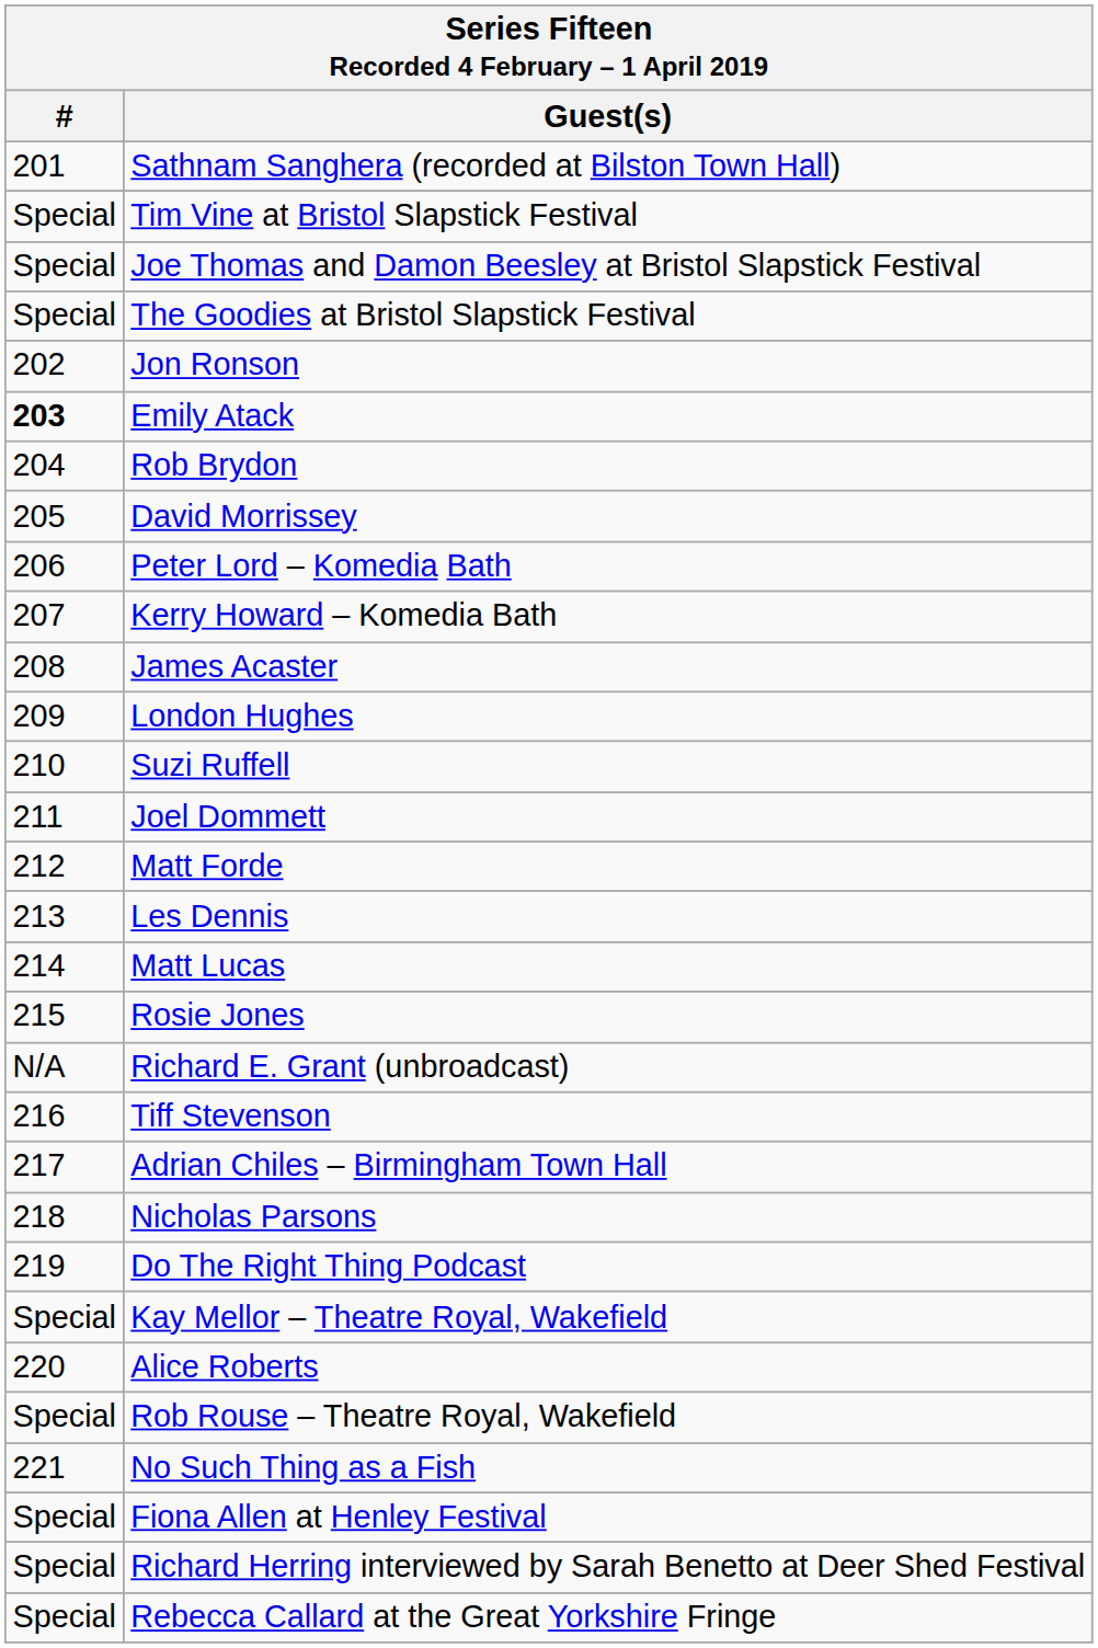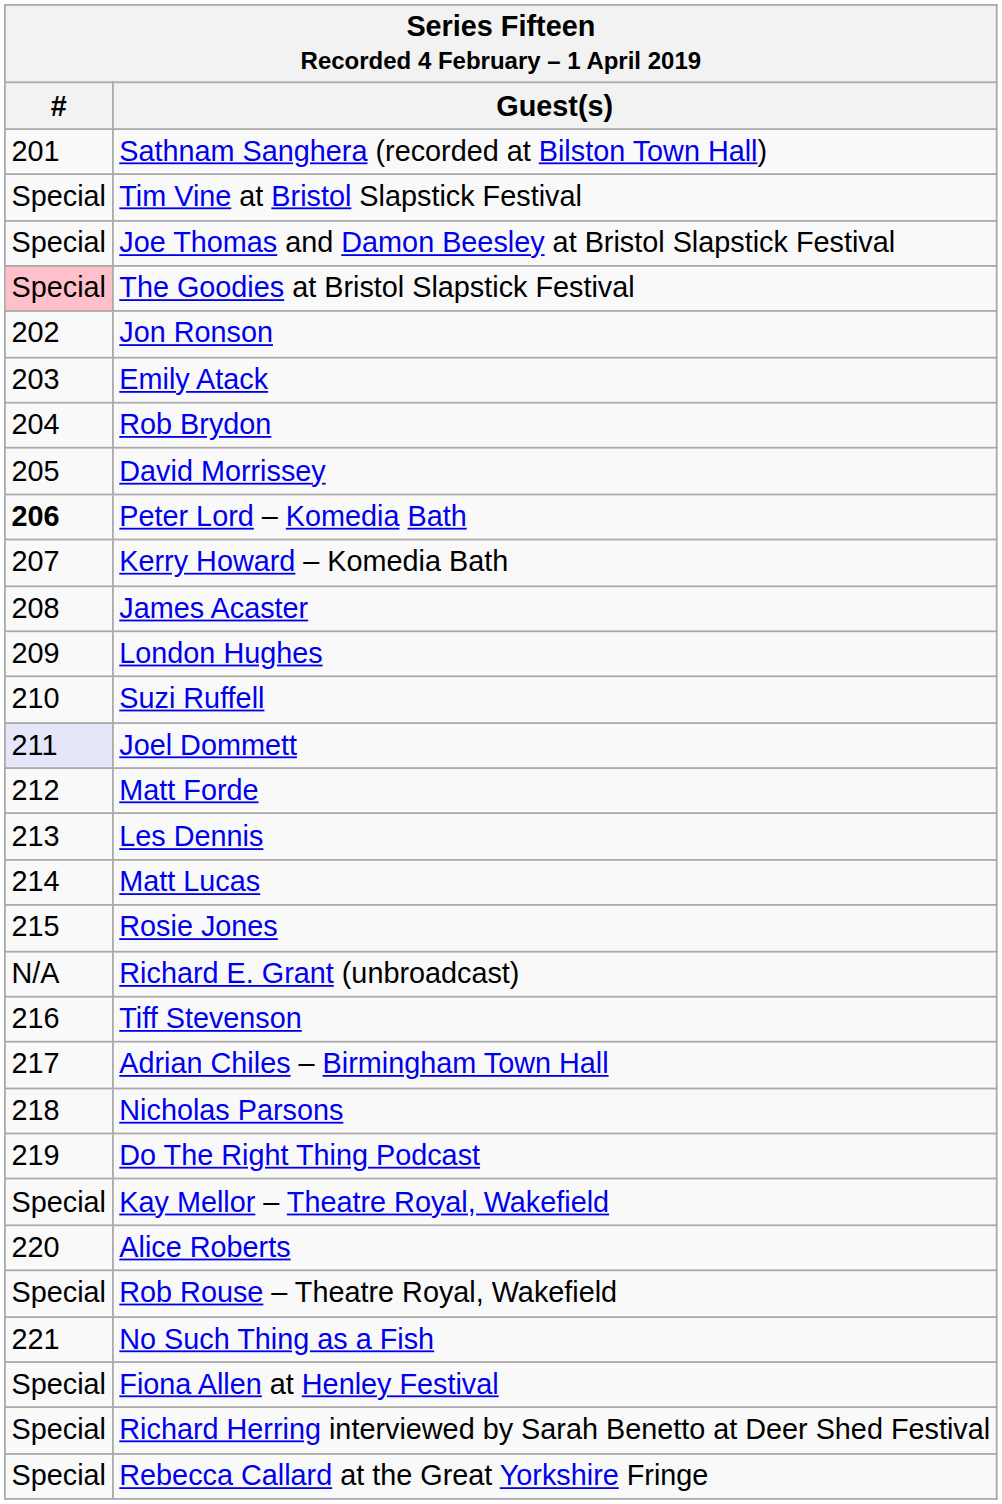 <table class="wikitable">
 <tr>
 <th colspan="3">Series Fifteen<br><small>Recorded 4 February – 1 April 2019</small></th>
 </tr>
 <tr>
 <th>#</th>
 <th>Guest(s)</th>
 </tr>
 <tr>
 <td>201</td>
 <td><a href='#'>Sathnam Sanghera</a> (recorded at <a href='#'>Bilston Town Hall</a>)</td>
 </tr>
 <tr>
 <td>Special</td>
 <td><a href='#'>Tim Vine</a> at <a href='#'>Bristol</a> Slapstick Festival</td>
 </tr>
 <tr>
 <td>Special</td>
 <td><a href='#'>Joe Thomas</a> and <a href='#'>Damon Beesley</a> at Bristol Slapstick Festival</td>
 </tr>
 <tr>
-<td>Special</td>
+<td style="background: pink;">Special</td>
 <td><a href='#'>The Goodies</a> at Bristol Slapstick Festival</td>
 </tr>
 <tr>
 <td>202</td>
 <td><a href='#'>Jon Ronson</a></td>
 </tr>
 <tr>
-<td><strong>203</strong></td>
+<td>203</td>
 <td><a href='#'>Emily Atack</a></td>
 </tr>
 <tr>
 <td>204</td>
 <td><a href='#'>Rob Brydon</a></td>
 </tr>
 <tr>
 <td>205</td>
 <td><a href='#'>David Morrissey</a></td>
 </tr>
 <tr>
-<td>206</td>
+<td><strong>206</strong></td>
 <td><a href='#'>Peter Lord</a> – <a href='#'>Komedia</a> <a href='#'>Bath</a></td>
 </tr>
 <tr>
 <td>207</td>
 <td><a href='#'>Kerry Howard</a> – Komedia Bath</td>
 </tr>
 <tr>
 <td>208</td>
 <td><a href='#'>James Acaster</a></td>
 </tr>
 <tr>
 <td>209</td>
 <td><a href='#'>London Hughes</a></td>
 </tr>
 <tr>
 <td>210</td>
 <td><a href='#'>Suzi Ruffell</a></td>
 </tr>
 <tr>
-<td>211</td>
+<td style="background: lavender;">211</td>
 <td><a href='#'>Joel Dommett</a></td>
 </tr>
 <tr>
 <td>212</td>
 <td><a href='#'>Matt Forde</a></td>
 </tr>
 <tr>
 <td>213</td>
 <td><a href='#'>Les Dennis</a></td>
 </tr>
 <tr>
 <td>214</td>
 <td><a href='#'>Matt Lucas</a></td>
 </tr>
 <tr>
 <td>215</td>
 <td><a href='#'>Rosie Jones</a></td>
 </tr>
 <tr>
 <td>N/A</td>
 <td><a href='#'>Richard E. Grant</a> (unbroadcast)</td>
 </tr>
 <tr>
 <td>216</td>
 <td><a href='#'>Tiff Stevenson</a></td>
 </tr>
 <tr>
 <td>217</td>
 <td><a href='#'>Adrian Chiles</a> – <a href='#'>Birmingham Town Hall</a></td>
 </tr>
 <tr>
 <td>218</td>
 <td><a href='#'>Nicholas Parsons</a></td>
 </tr>
 <tr>
 <td>219</td>
 <td><a href='#'>Do The Right Thing Podcast</a></td>
 </tr>
 <tr>
 <td>Special</td>
 <td><a href='#'>Kay Mellor</a> – <a href='#'>Theatre Royal, Wakefield</a></td>
 </tr>
 <tr>
 <td>220</td>
 <td><a href='#'>Alice Roberts</a></td>
 </tr>
 <tr>
 <td>Special</td>
 <td><a href='#'>Rob Rouse</a> – Theatre Royal, Wakefield</td>
 </tr>
 <tr>
 <td>221</td>
 <td><a href='#'>No Such Thing as a Fish</a></td>
 </tr>
 <tr>
 <td>Special</td>
 <td><a href='#'>Fiona Allen</a> at <a href='#'>Henley Festival</a></td>
 </tr>
 <tr>
 <td>Special</td>
 <td><a href='#'>Richard Herring</a> interviewed by Sarah Benetto at Deer Shed Festival</td>
 </tr>
 <tr>
 <td>Special</td>
 <td><a href='#'>Rebecca Callard</a> at the Great <a href='#'>Yorkshire</a> Fringe</td>
 </tr>
 </table>
